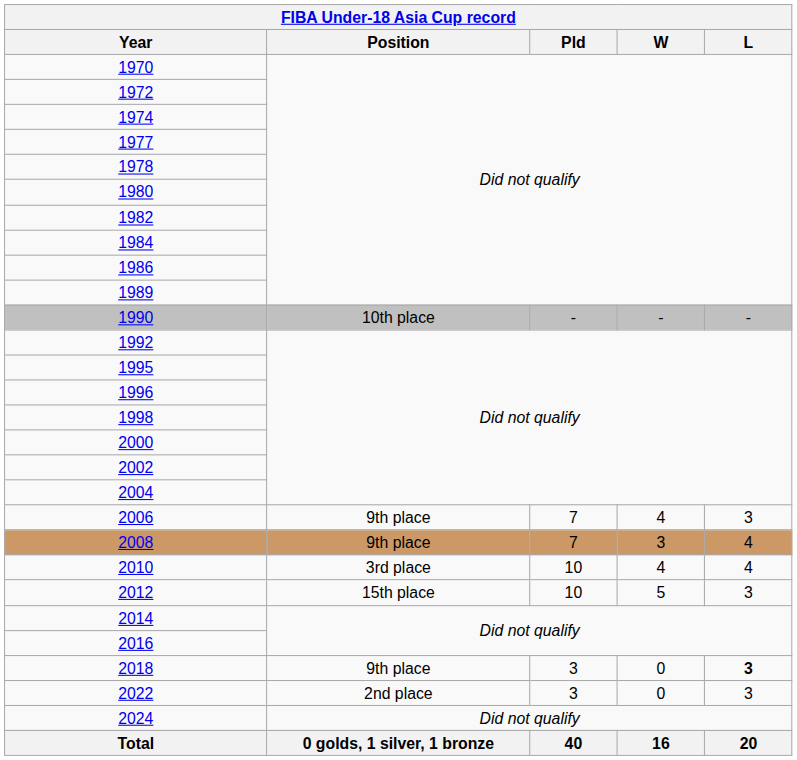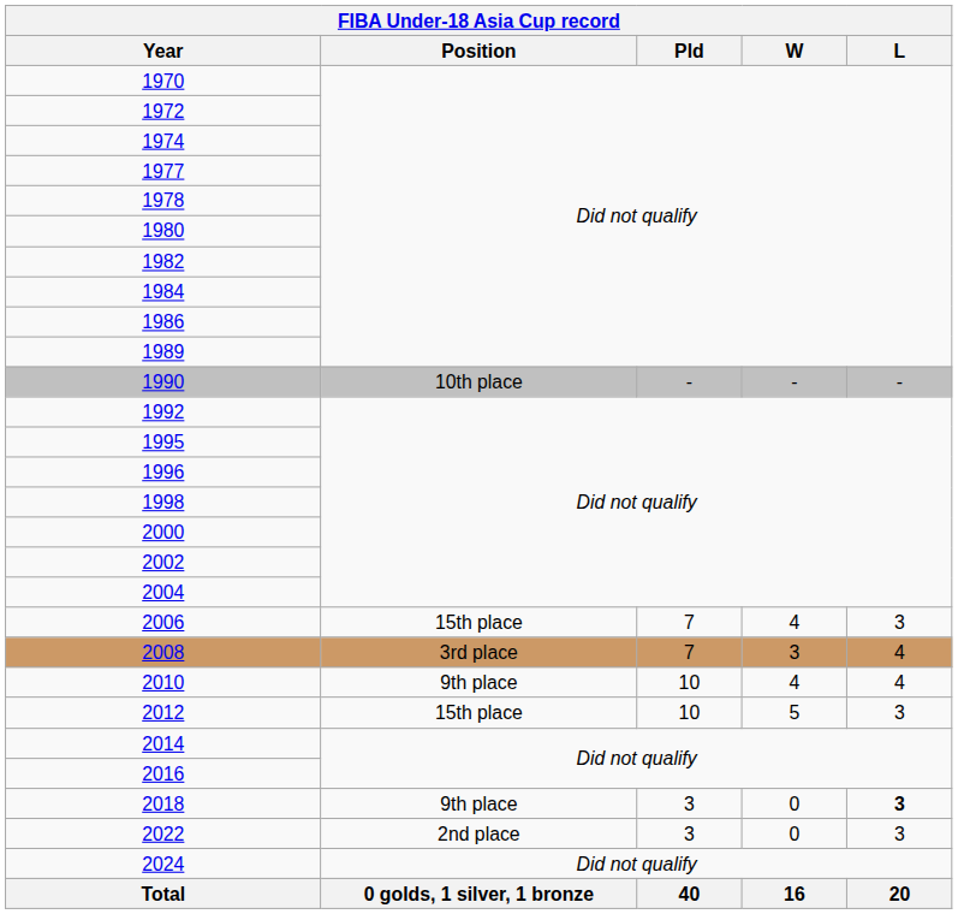 <table class="wikitable" style="text-align:center; font-size:95%; width:60%;">
 <tr>
 <th colspan=9><a href='#'>FIBA Under-18 Asia Cup record</a></th>
 </tr>
 <tr>
 <th width=15%>Year</th>
 <th width=15%>Position</th>
 <th width=5%>Pld</th>
 <th width=5%>W</th>
 <th width=5%>L</th>
 </tr>
 <tr>
 <td> <a href='#'>1970</a></td>
 <td colspan=4 rowspan=10><em>Did not qualify</em></td>
 </tr>
 <tr>
 <td> <a href='#'>1972</a></td>
 </tr>
 <tr>
 <td> <a href='#'>1974</a></td>
 </tr>
 <tr>
 <td> <a href='#'>1977</a></td>
 </tr>
 <tr>
 <td> <a href='#'>1978</a></td>
 </tr>
 <tr>
 <td> <a href='#'>1980</a></td>
 </tr>
 <tr>
 <td> <a href='#'>1982</a></td>
 </tr>
 <tr>
 <td> <a href='#'>1984</a></td>
 </tr>
 <tr>
 <td> <a href='#'>1986</a></td>
 </tr>
 <tr>
 <td> <a href='#'>1989</a></td>
 </tr>
 <tr style="background:silver;">
 <td> <a href='#'>1990</a></td>
 <td>10th place</td>
 <td>-</td>
 <td>-</td>
 <td>-</td>
 </tr>
 <tr>
 <td> <a href='#'>1992</a></td>
 <td colspan=4 rowspan=7><em>Did not qualify</em></td>
 </tr>
 <tr>
 <td> <a href='#'>1995</a></td>
 </tr>
 <tr>
 <td> <a href='#'>1996</a></td>
 </tr>
 <tr>
 <td> <a href='#'>1998</a></td>
 </tr>
 <tr>
 <td> <a href='#'>2000</a></td>
 </tr>
 <tr>
 <td> <a href='#'>2002</a></td>
 </tr>
 <tr>
 <td> <a href='#'>2004</a></td>
 </tr>
 <tr>
 <td> <a href='#'>2006</a></td>
-<td>9th place</td>
+<td>15th place</td>
 <td>7</td>
 <td>4</td>
 <td>3</td>
 </tr>
 <tr style="background:#c96;">
 <td> <a href='#'>2008</a></td>
-<td>9th place</td>
+<td>3rd place</td>
 <td>7</td>
 <td>3</td>
 <td>4</td>
 </tr>
 <tr>
 <td> <a href='#'>2010</a></td>
-<td>3rd place</td>
+<td>9th place</td>
 <td>10</td>
 <td>4</td>
 <td>4</td>
 </tr>
 <tr>
 <td> <a href='#'>2012</a></td>
 <td>15th place</td>
 <td>10</td>
 <td>5</td>
 <td>3</td>
 </tr>
 <tr>
 <td> <a href='#'>2014</a></td>
 <td colspan=4 rowspan=2><em>Did not qualify</em></td>
 </tr>
 <tr>
 <td> <a href='#'>2016</a></td>
 </tr>
 <tr>
 <td> <a href='#'>2018</a></td>
 <td>9th place</td>
 <td>3</td>
 <td>0</td>
 <td><strong>3</strong></td>
 </tr>
 <tr>
 <td> <a href='#'>2022</a></td>
 <td>2nd place</td>
 <td>3</td>
 <td>0</td>
 <td>3</td>
 </tr>
 <tr>
 <td> <a href='#'>2024</a></td>
 <td colspan=4><em>Did not qualify</em></td>
 </tr>
 <tr>
 <th>Total</th>
 <th>0 golds, 1 silver, 1 bronze</th>
 <th>40</th>
 <th>16</th>
 <th>20</th>
 </tr>
 </table>
